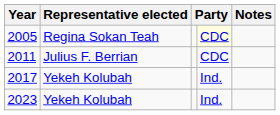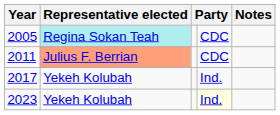 <table class="wikitable">
 <tr>
 <th>Year</th>
 <th>Representative elected</th>
 <th colspan=2>Party</th>
 <th>Notes</th>
 </tr>
 <tr>
 <td><a href='#'>2005</a></td>
-<td><a href='#'>Regina Sokan Teah</a></td>
+<td style="background: paleturquoise;"><a href='#'>Regina Sokan Teah</a></td>
 <td></td>
-<td style="background: lightyellow;"><a href='#'>CDC</a></td>
+<td><a href='#'>CDC</a></td>
 <td></td>
 </tr>
 <tr>
 <td><a href='#'>2011</a></td>
-<td><a href='#'>Julius F. Berrian</a></td>
+<td style="background: lightsalmon;"><a href='#'>Julius F. Berrian</a></td>
 <td></td>
 <td><a href='#'>CDC</a></td>
 <td></td>
 </tr>
 <tr>
 <td><a href='#'>2017</a></td>
 <td><a href='#'>Yekeh Kolubah</a></td>
 <td></td>
 <td><a href='#'>Ind.</a></td>
 <td></td>
 </tr>
 <tr>
 <td><a href='#'>2023</a></td>
 <td><a href='#'>Yekeh Kolubah</a></td>
 <td></td>
-<td><a href='#'>Ind.</a></td>
+<td style="background: lightyellow;"><a href='#'>Ind.</a></td>
 <td></td>
 </tr>
 </table>
